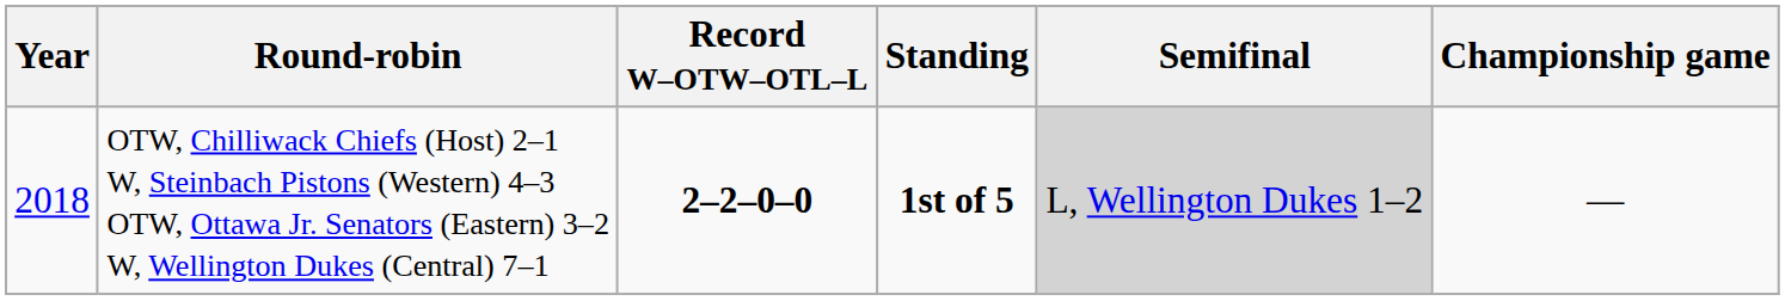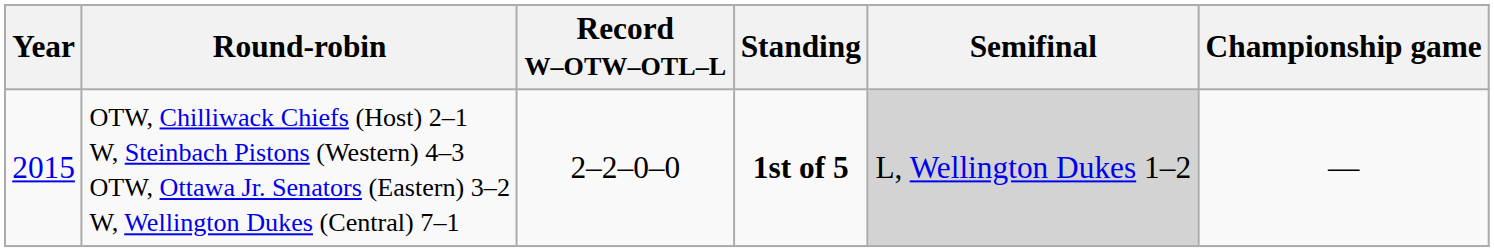 <table class="wikitable" style="text-align:center;">
 <tr>
 <th>Year</th>
 <th>Round-robin</th>
 <th>Record<br><small>W–OTW–OTL–L</small></th>
 <th>Standing</th>
 <th>Semifinal</th>
 <th>Championship game</th>
 </tr>
 <tr>
-<td><a href='#'>2018</a></td>
+<td><a href='#'>2015</a></td>
 <td align=left><small>OTW, <a href='#'>Chilliwack Chiefs</a> (Host) 2–1<br>W, <a href='#'>Steinbach Pistons</a> (Western) 4–3<br>OTW, <a href='#'>Ottawa Jr. Senators</a> (Eastern) 3–2<br>W, <a href='#'>Wellington Dukes</a> (Central) 7–1</small></td>
-<td><strong>2–2–0–0</strong></td>
+<td>2–2–0–0</td>
 <td><strong>1st of 5</strong></td>
 <td style="background: lightgrey;">L, <a href='#'>Wellington Dukes</a> 1–2</td>
 <td>—</td>
 </tr>
 </table>
